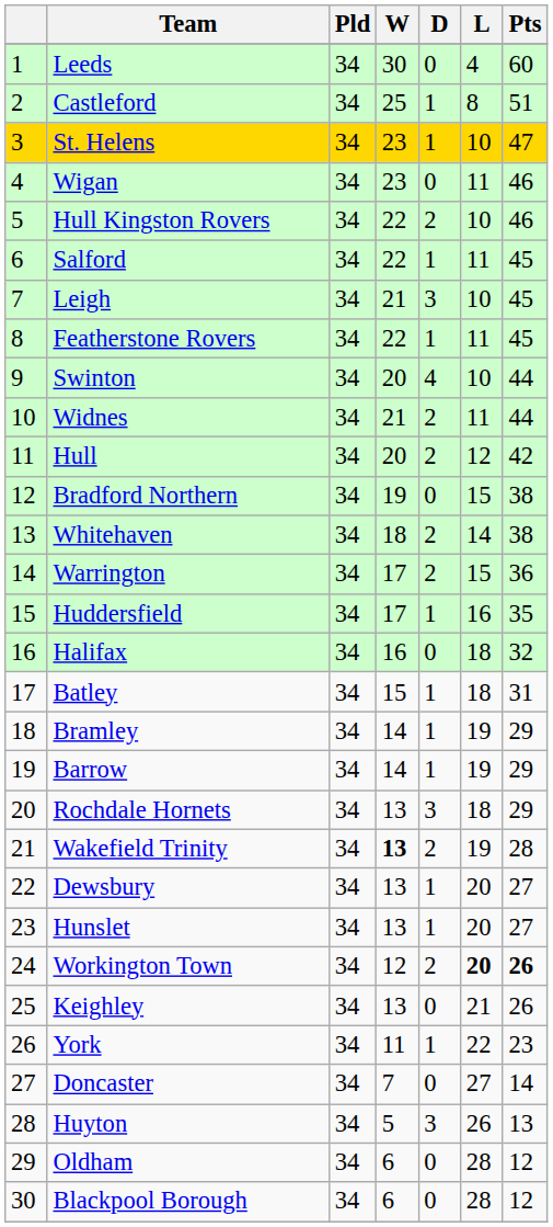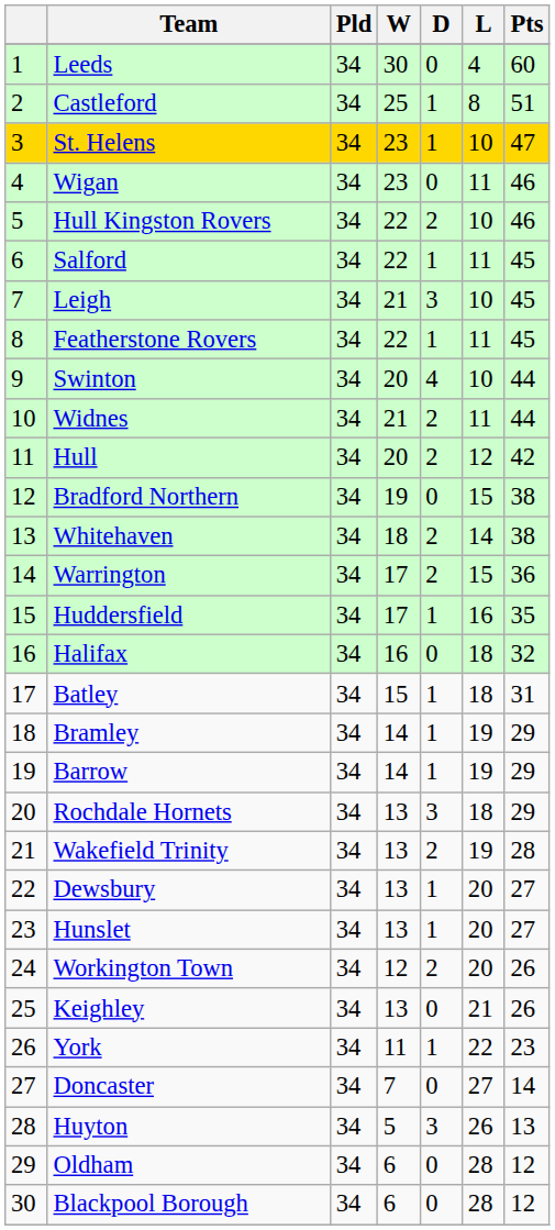 <table class="wikitable" style="text-align:left;">
 <tr>
 <th width=20 abbr="Position"></th>
 <th width=175>Team</th>
 <th width=20 abbr="Played">Pld</th>
 <th width=20 abbr="Won">W</th>
 <th width=20 abbr="Drawn">D</th>
 <th width=20 abbr="Lost">L</th>
 <th width=20 abbr="Points">Pts</th>
 </tr>
 <tr>
 </tr>
 <tr align=left style="background:#ccffcc;color:">
 <td>1</td>
 <td><a href='#'>Leeds</a></td>
 <td>34</td>
 <td>30</td>
 <td>0</td>
 <td>4</td>
 <td>60</td>
 </tr>
 <tr align=left style="background:#ccffcc;color:">
 <td>2</td>
 <td><a href='#'>Castleford</a></td>
 <td>34</td>
 <td>25</td>
 <td>1</td>
 <td>8</td>
 <td>51</td>
 </tr>
 <tr align=left style="background:#FFD700;">
 <td>3</td>
 <td><a href='#'>St. Helens</a></td>
 <td>34</td>
 <td>23</td>
 <td>1</td>
 <td>10</td>
 <td>47</td>
 </tr>
 <tr align=left style="background:#ccffcc;color:">
 <td>4</td>
 <td><a href='#'>Wigan</a></td>
 <td>34</td>
 <td>23</td>
 <td>0</td>
 <td>11</td>
 <td>46</td>
 </tr>
 <tr align=left style="background:#ccffcc;color:">
 <td>5</td>
 <td><a href='#'>Hull Kingston Rovers</a></td>
 <td>34</td>
 <td>22</td>
 <td>2</td>
 <td>10</td>
 <td>46</td>
 </tr>
 <tr align=left style="background:#ccffcc;color:">
 <td>6</td>
 <td><a href='#'>Salford</a></td>
 <td>34</td>
 <td>22</td>
 <td>1</td>
 <td>11</td>
 <td>45</td>
 </tr>
 <tr align=left style="background:#ccffcc;color:">
 <td>7</td>
 <td><a href='#'>Leigh</a></td>
 <td>34</td>
 <td>21</td>
 <td>3</td>
 <td>10</td>
 <td>45</td>
 </tr>
 <tr align=left style="background:#ccffcc;color:">
 <td>8</td>
 <td><a href='#'>Featherstone Rovers</a></td>
 <td>34</td>
 <td>22</td>
 <td>1</td>
 <td>11</td>
 <td>45</td>
 </tr>
 <tr align=left style="background:#ccffcc;color:">
 <td>9</td>
 <td><a href='#'>Swinton</a></td>
 <td>34</td>
 <td>20</td>
 <td>4</td>
 <td>10</td>
 <td>44</td>
 </tr>
 <tr align=left style="background:#ccffcc;color:">
 <td>10</td>
 <td><a href='#'>Widnes</a></td>
 <td>34</td>
 <td>21</td>
 <td>2</td>
 <td>11</td>
 <td>44</td>
 </tr>
 <tr align=left style="background:#ccffcc;color:">
 <td>11</td>
 <td><a href='#'>Hull</a></td>
 <td>34</td>
 <td>20</td>
 <td>2</td>
 <td>12</td>
 <td>42</td>
 </tr>
 <tr align=left style="background:#ccffcc;color:">
 <td>12</td>
 <td><a href='#'>Bradford Northern</a></td>
 <td>34</td>
 <td>19</td>
 <td>0</td>
 <td>15</td>
 <td>38</td>
 </tr>
 <tr align=left style="background:#ccffcc;color:">
 <td>13</td>
 <td><a href='#'>Whitehaven</a></td>
 <td>34</td>
 <td>18</td>
 <td>2</td>
 <td>14</td>
 <td>38</td>
 </tr>
 <tr align=left style="background:#ccffcc;color:">
 <td>14</td>
 <td><a href='#'>Warrington</a></td>
 <td>34</td>
 <td>17</td>
 <td>2</td>
 <td>15</td>
 <td>36</td>
 </tr>
 <tr align=left style="background:#ccffcc;color:">
 <td>15</td>
 <td><a href='#'>Huddersfield</a></td>
 <td>34</td>
 <td>17</td>
 <td>1</td>
 <td>16</td>
 <td>35</td>
 </tr>
 <tr align=left style="background:#ccffcc;color:">
 <td>16</td>
 <td><a href='#'>Halifax</a></td>
 <td>34</td>
 <td>16</td>
 <td>0</td>
 <td>18</td>
 <td>32</td>
 </tr>
 <tr align=left style="background:">
 <td>17</td>
 <td><a href='#'>Batley</a></td>
 <td>34</td>
 <td>15</td>
 <td>1</td>
 <td>18</td>
 <td>31</td>
 </tr>
 <tr align=left style="background:">
 <td>18</td>
 <td><a href='#'>Bramley</a></td>
 <td>34</td>
 <td>14</td>
 <td>1</td>
 <td>19</td>
 <td>29</td>
 </tr>
 <tr align=left style="background:">
 <td>19</td>
 <td><a href='#'>Barrow</a></td>
 <td>34</td>
 <td>14</td>
 <td>1</td>
 <td>19</td>
 <td>29</td>
 </tr>
 <tr align=left style="background:">
 <td>20</td>
 <td><a href='#'>Rochdale Hornets</a></td>
 <td>34</td>
 <td>13</td>
 <td>3</td>
 <td>18</td>
 <td>29</td>
 </tr>
 <tr align=left style="background:">
 <td>21</td>
 <td><a href='#'>Wakefield Trinity</a></td>
 <td>34</td>
-<td><strong>13</strong></td>
+<td>13</td>
 <td>2</td>
 <td>19</td>
 <td>28</td>
 </tr>
 <tr align=left style="background:">
 <td>22</td>
 <td><a href='#'>Dewsbury</a></td>
 <td>34</td>
 <td>13</td>
 <td>1</td>
 <td>20</td>
 <td>27</td>
 </tr>
 <tr align=left style="background:">
 <td>23</td>
 <td><a href='#'>Hunslet</a></td>
 <td>34</td>
 <td>13</td>
 <td>1</td>
 <td>20</td>
 <td>27</td>
 </tr>
 <tr align=left style="background:">
 <td>24</td>
 <td><a href='#'>Workington Town</a></td>
 <td>34</td>
 <td>12</td>
 <td>2</td>
-<td><strong>20</strong></td>
-<td><strong>26</strong></td>
+<td>20</td>
+<td>26</td>
 </tr>
 <tr align=left style="background:">
 <td>25</td>
 <td><a href='#'>Keighley</a></td>
 <td>34</td>
 <td>13</td>
 <td>0</td>
 <td>21</td>
 <td>26</td>
 </tr>
 <tr align=left style="background:">
 <td>26</td>
 <td><a href='#'>York</a></td>
 <td>34</td>
 <td>11</td>
 <td>1</td>
 <td>22</td>
 <td>23</td>
 </tr>
 <tr align=left style="background:">
 <td>27</td>
 <td><a href='#'>Doncaster</a></td>
 <td>34</td>
 <td>7</td>
 <td>0</td>
 <td>27</td>
 <td>14</td>
 </tr>
 <tr align=left style="background:">
 <td>28</td>
 <td><a href='#'>Huyton</a></td>
 <td>34</td>
 <td>5</td>
 <td>3</td>
 <td>26</td>
 <td>13</td>
 </tr>
 <tr align=left style="background:">
 <td>29</td>
 <td><a href='#'>Oldham</a></td>
 <td>34</td>
 <td>6</td>
 <td>0</td>
 <td>28</td>
 <td>12</td>
 </tr>
 <tr align=left style="background:">
 <td>30</td>
 <td><a href='#'>Blackpool Borough</a></td>
 <td>34</td>
 <td>6</td>
 <td>0</td>
 <td>28</td>
 <td>12</td>
 </tr>
 <tr>
 </tr>
 </table>
